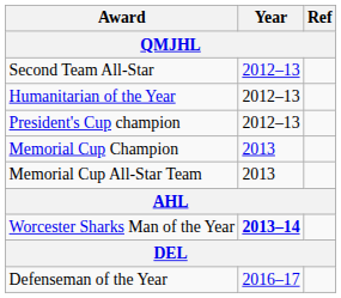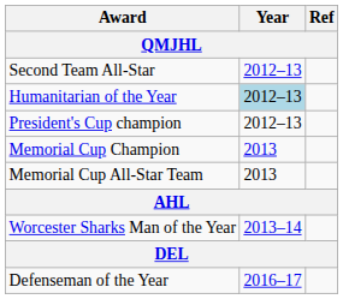 <table class="wikitable">
 <tr>
 <th>Award</th>
 <th>Year</th>
 <th>Ref</th>
 </tr>
 <tr>
 <th colspan="3"><a href='#'>QMJHL</a></th>
 </tr>
 <tr>
 <td>Second Team All-Star</td>
 <td><a href='#'>2012–13</a></td>
 <td></td>
 </tr>
 <tr>
 <td><a href='#'>Humanitarian of the Year</a></td>
-<td>2012–13</td>
+<td style="background: lightblue;">2012–13</td>
 <td></td>
 </tr>
 <tr>
 <td><a href='#'>President's Cup</a> champion</td>
 <td>2012–13</td>
 <td></td>
 </tr>
 <tr>
 <td><a href='#'>Memorial Cup</a> Champion</td>
 <td><a href='#'>2013</a></td>
 <td></td>
 </tr>
 <tr>
 <td>Memorial Cup All-Star Team</td>
 <td>2013</td>
 <td></td>
 </tr>
 <tr>
 <th colspan="3"><a href='#'>AHL</a></th>
 </tr>
 <tr>
 <td><a href='#'>Worcester Sharks</a> Man of the Year</td>
-<td><strong><a href='#'>2013–14</a></strong></td>
+<td><a href='#'>2013–14</a></td>
 <td></td>
 </tr>
 <tr>
 <th colspan="3"><a href='#'>DEL</a></th>
 </tr>
 <tr>
 <td>Defenseman of the Year</td>
 <td><a href='#'>2016–17</a></td>
 <td></td>
 </tr>
 </table>
